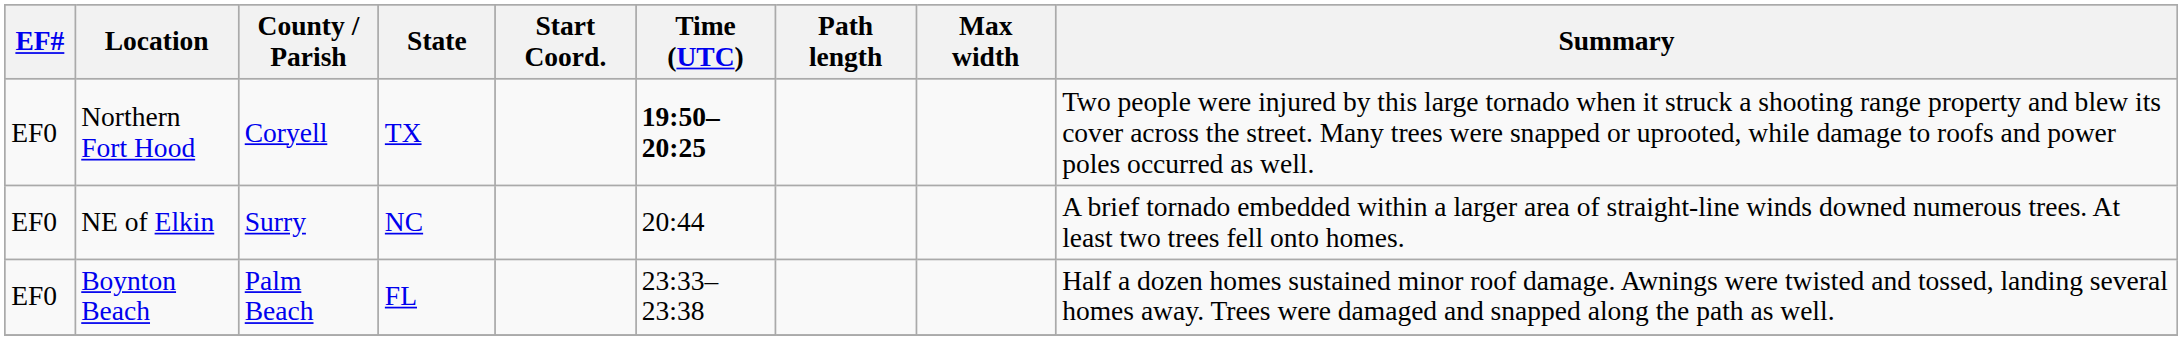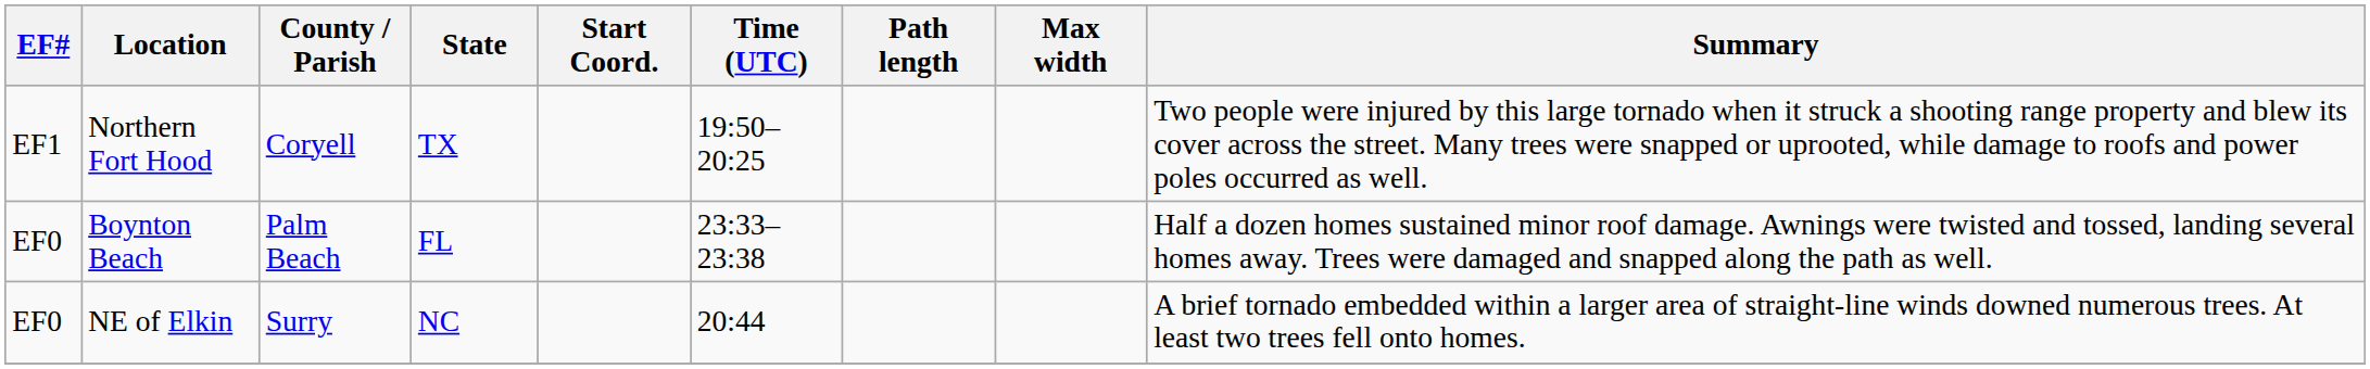 <table class="wikitable sortable" style="width:100%;">
 <tr>
 <th scope="col" style="width:3%; text-align:center;"><a href='#'>EF#</a></th>
 <th scope="col" style="width:7%; text-align:center;" class="unsortable">Location</th>
 <th scope="col" style="width:6%; text-align:center;" class="unsortable">County / Parish</th>
 <th scope="col" style="width:5%; text-align:center;">State</th>
 <th scope="col" style="width:6%; text-align:center;">Start Coord.</th>
 <th scope="col" style="width:6%; text-align:center;">Time (<a href='#'>UTC</a>)</th>
 <th scope="col" style="width:6%; text-align:center;">Path length</th>
 <th scope="col" style="width:6%; text-align:center;">Max width</th>
 <th scope="col" class="unsortable" style="width:48%; text-align:center;">Summary</th>
 </tr>
 <tr>
-<td>EF0</td>
+<td>EF1</td>
 <td>Northern <a href='#'>Fort Hood</a></td>
 <td><a href='#'>Coryell</a></td>
 <td><a href='#'>TX</a></td>
 <td></td>
-<td><strong>19:50–20:25</strong></td>
+<td>19:50–20:25</td>
 <td></td>
 <td></td>
 <td>Two people were injured by this large tornado when it struck a shooting range property and blew its cover across the street. Many trees were snapped or uprooted, while damage to roofs and power poles occurred as well.</td>
+</tr>
+<tr>
+<td>EF0</td>
+<td><a href='#'>Boynton Beach</a></td>
+<td><a href='#'>Palm Beach</a></td>
+<td><a href='#'>FL</a></td>
+<td></td>
+<td>23:33–23:38</td>
+<td></td>
+<td></td>
+<td>Half a dozen homes sustained minor roof damage. Awnings were twisted and tossed, landing several homes away. Trees were damaged and snapped along the path as well.</td>
 </tr>
 <tr>
 <td>EF0</td>
 <td>NE of <a href='#'>Elkin</a></td>
 <td><a href='#'>Surry</a></td>
 <td><a href='#'>NC</a></td>
 <td></td>
 <td>20:44</td>
 <td></td>
 <td></td>
 <td>A brief tornado embedded within a larger area of straight-line winds downed numerous trees. At least two trees fell onto homes.</td>
 </tr>
 <tr>
-<td>EF0</td>
-<td><a href='#'>Boynton Beach</a></td>
-<td><a href='#'>Palm Beach</a></td>
-<td><a href='#'>FL</a></td>
-<td></td>
-<td>23:33–23:38</td>
-<td></td>
-<td></td>
-<td>Half a dozen homes sustained minor roof damage. Awnings were twisted and tossed, landing several homes away. Trees were damaged and snapped along the path as well.</td>
-</tr>
-<tr>
 </tr>
 </table>
